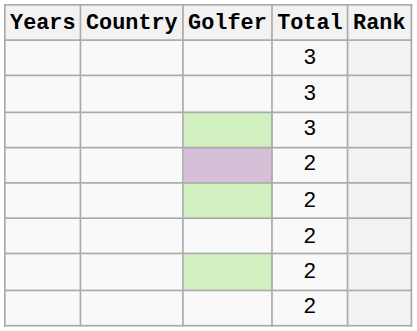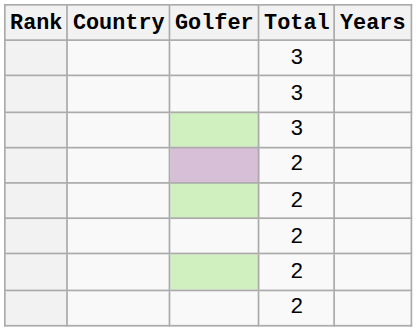 <table class="sortable wikitable" style="text-align:left;">
 <tr>
-<th scope="col">Years</th>
+<th scope="col">Rank</th>
 <th scope="col">Country</th>
 <th scope="col">Golfer</th>
 <th scope="col">Total</th>
-<th scope="col">Rank</th>
+<th scope="col">Years</th>
 </tr>
 <tr>
-<td></td>
+<th scope="row"></th>
 <td></td>
 <td></td>
 <td align="center" valign="top">3</td>
-<th scope="row"></th>
+<td></td>
 </tr>
 <tr>
-<td></td>
+<th scope="row"></th>
 <td></td>
 <td></td>
 <td align="center" valign="top">3</td>
-<th scope="row"></th>
+<td></td>
 </tr>
 <tr>
-<td></td>
+<th scope="row"></th>
 <td></td>
 <td style="background:#D0F0C0;"></td>
 <td align="center" valign="top">3</td>
-<th scope="row"></th>
+<td></td>
 </tr>
 <tr>
-<td></td>
+<th scope="row"></th>
 <td></td>
 <td style="background:#D8BFD8;"></td>
 <td align="center" valign="top">2</td>
-<th scope="row"></th>
+<td></td>
 </tr>
 <tr>
-<td></td>
+<th scope="row"></th>
 <td></td>
 <td style="background:#D0F0C0;"></td>
 <td align="center" valign="top">2</td>
-<th scope="row"></th>
+<td></td>
 </tr>
 <tr>
-<td></td>
+<th scope="row"></th>
 <td></td>
 <td></td>
 <td align="center" valign="top">2</td>
-<th scope="row"></th>
+<td></td>
 </tr>
 <tr>
-<td></td>
+<th scope="row"></th>
 <td></td>
 <td style="background:#D0F0C0;"></td>
 <td align="center" valign="top">2</td>
-<th scope="row"></th>
+<td></td>
 </tr>
 <tr>
-<td></td>
+<th scope="row"></th>
 <td></td>
 <td></td>
 <td align="center" valign="top">2</td>
-<th scope="row"></th>
+<td></td>
 </tr>
 </table>
